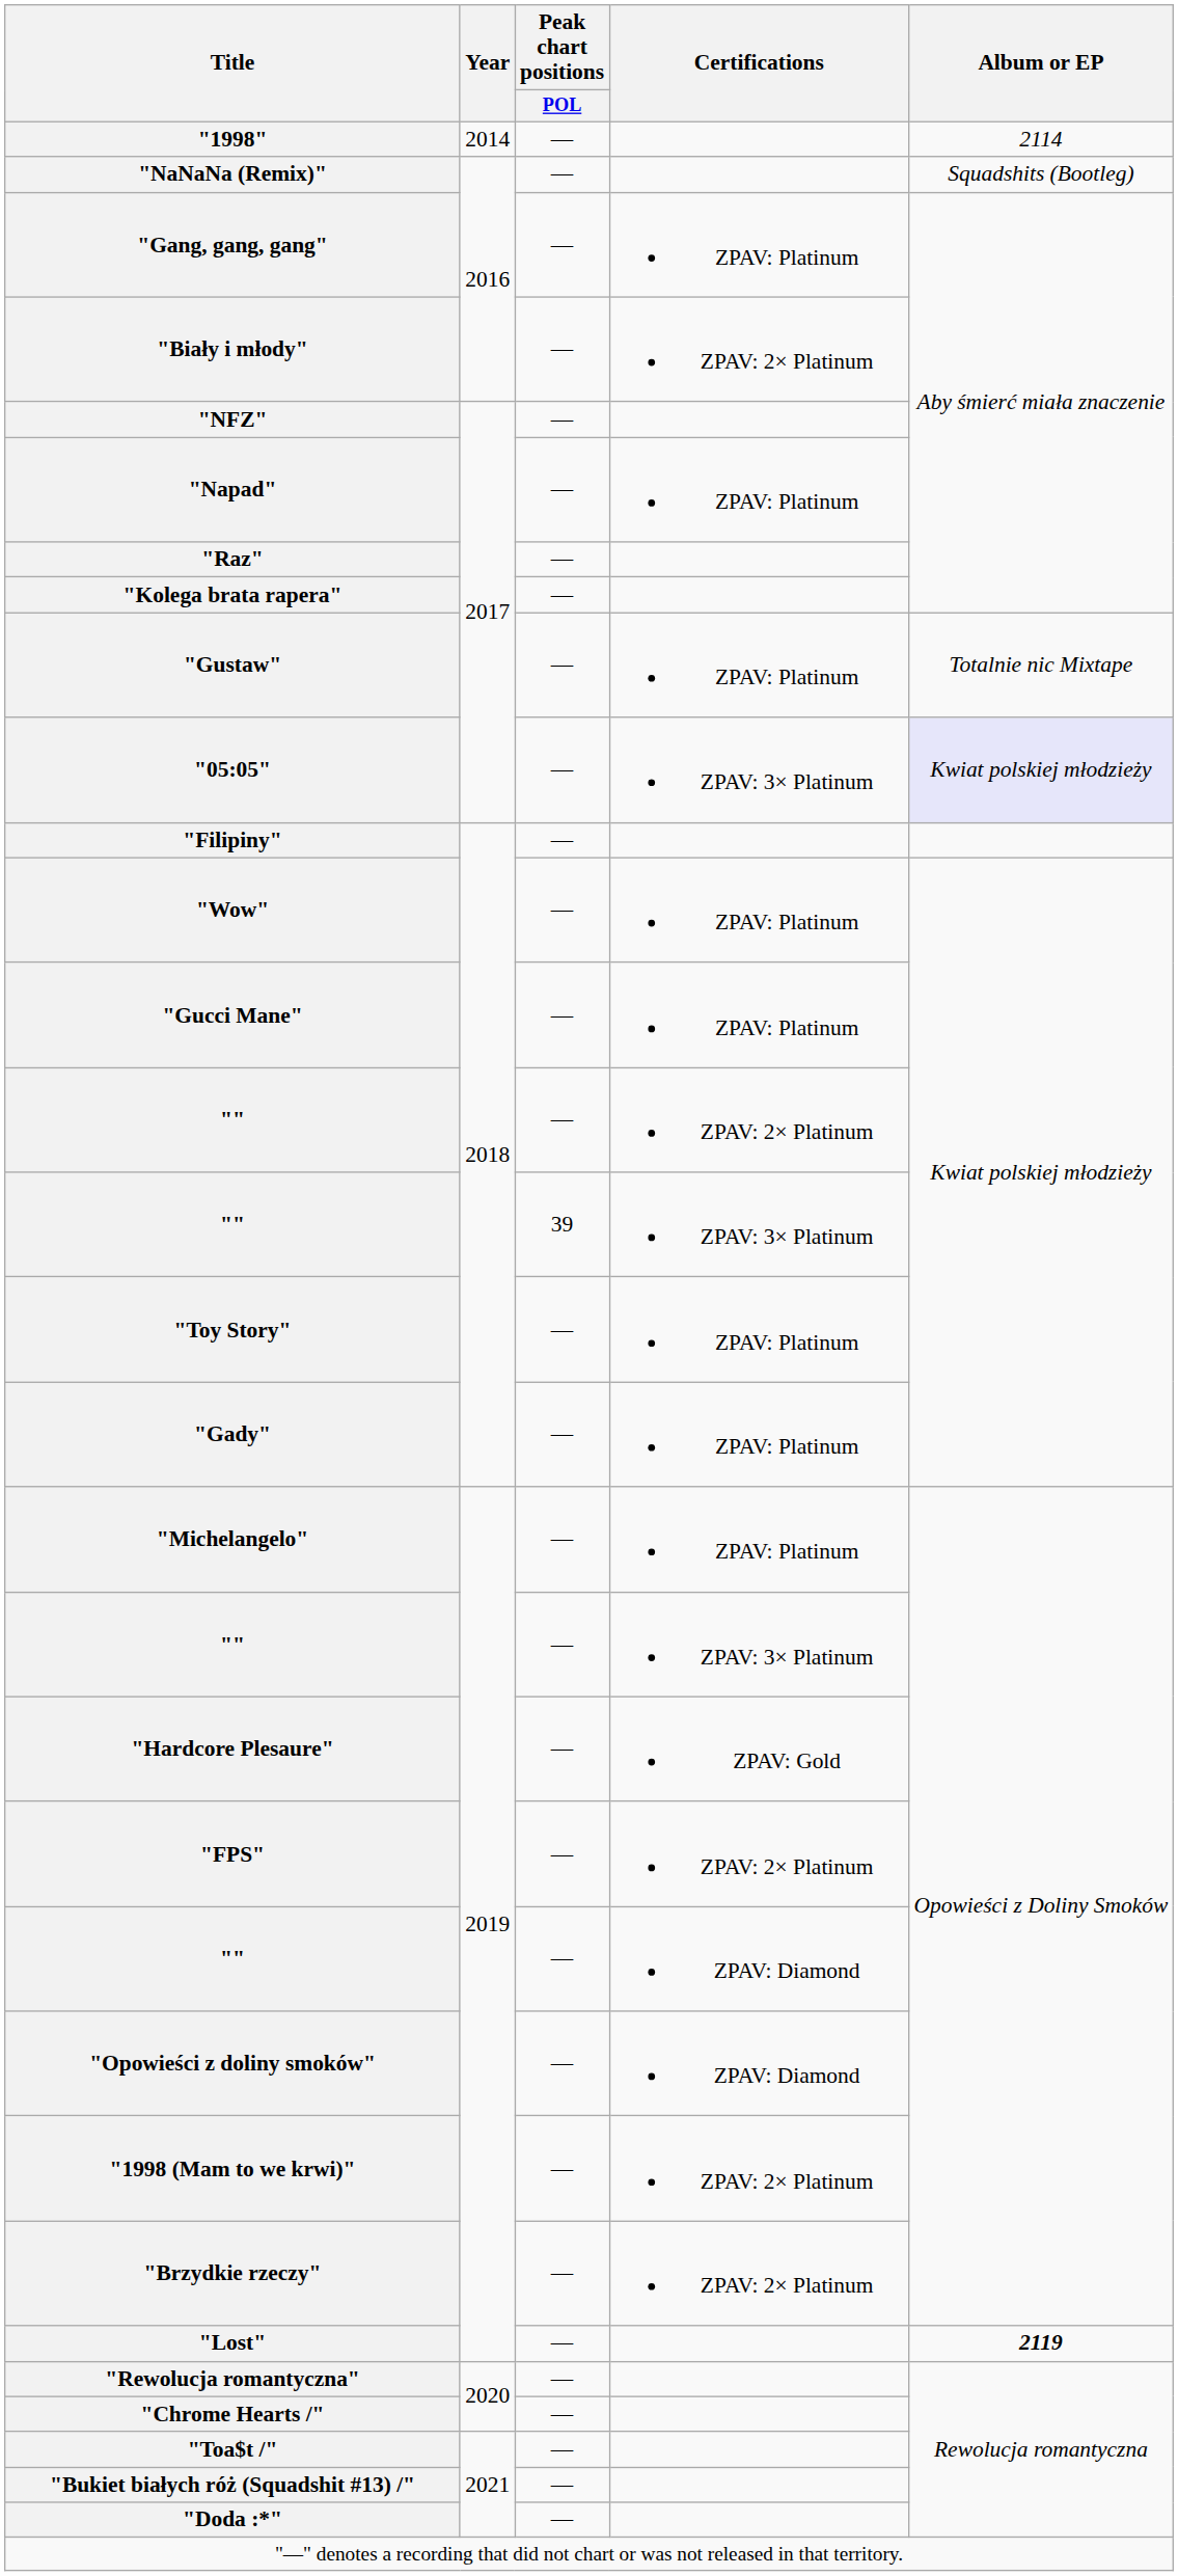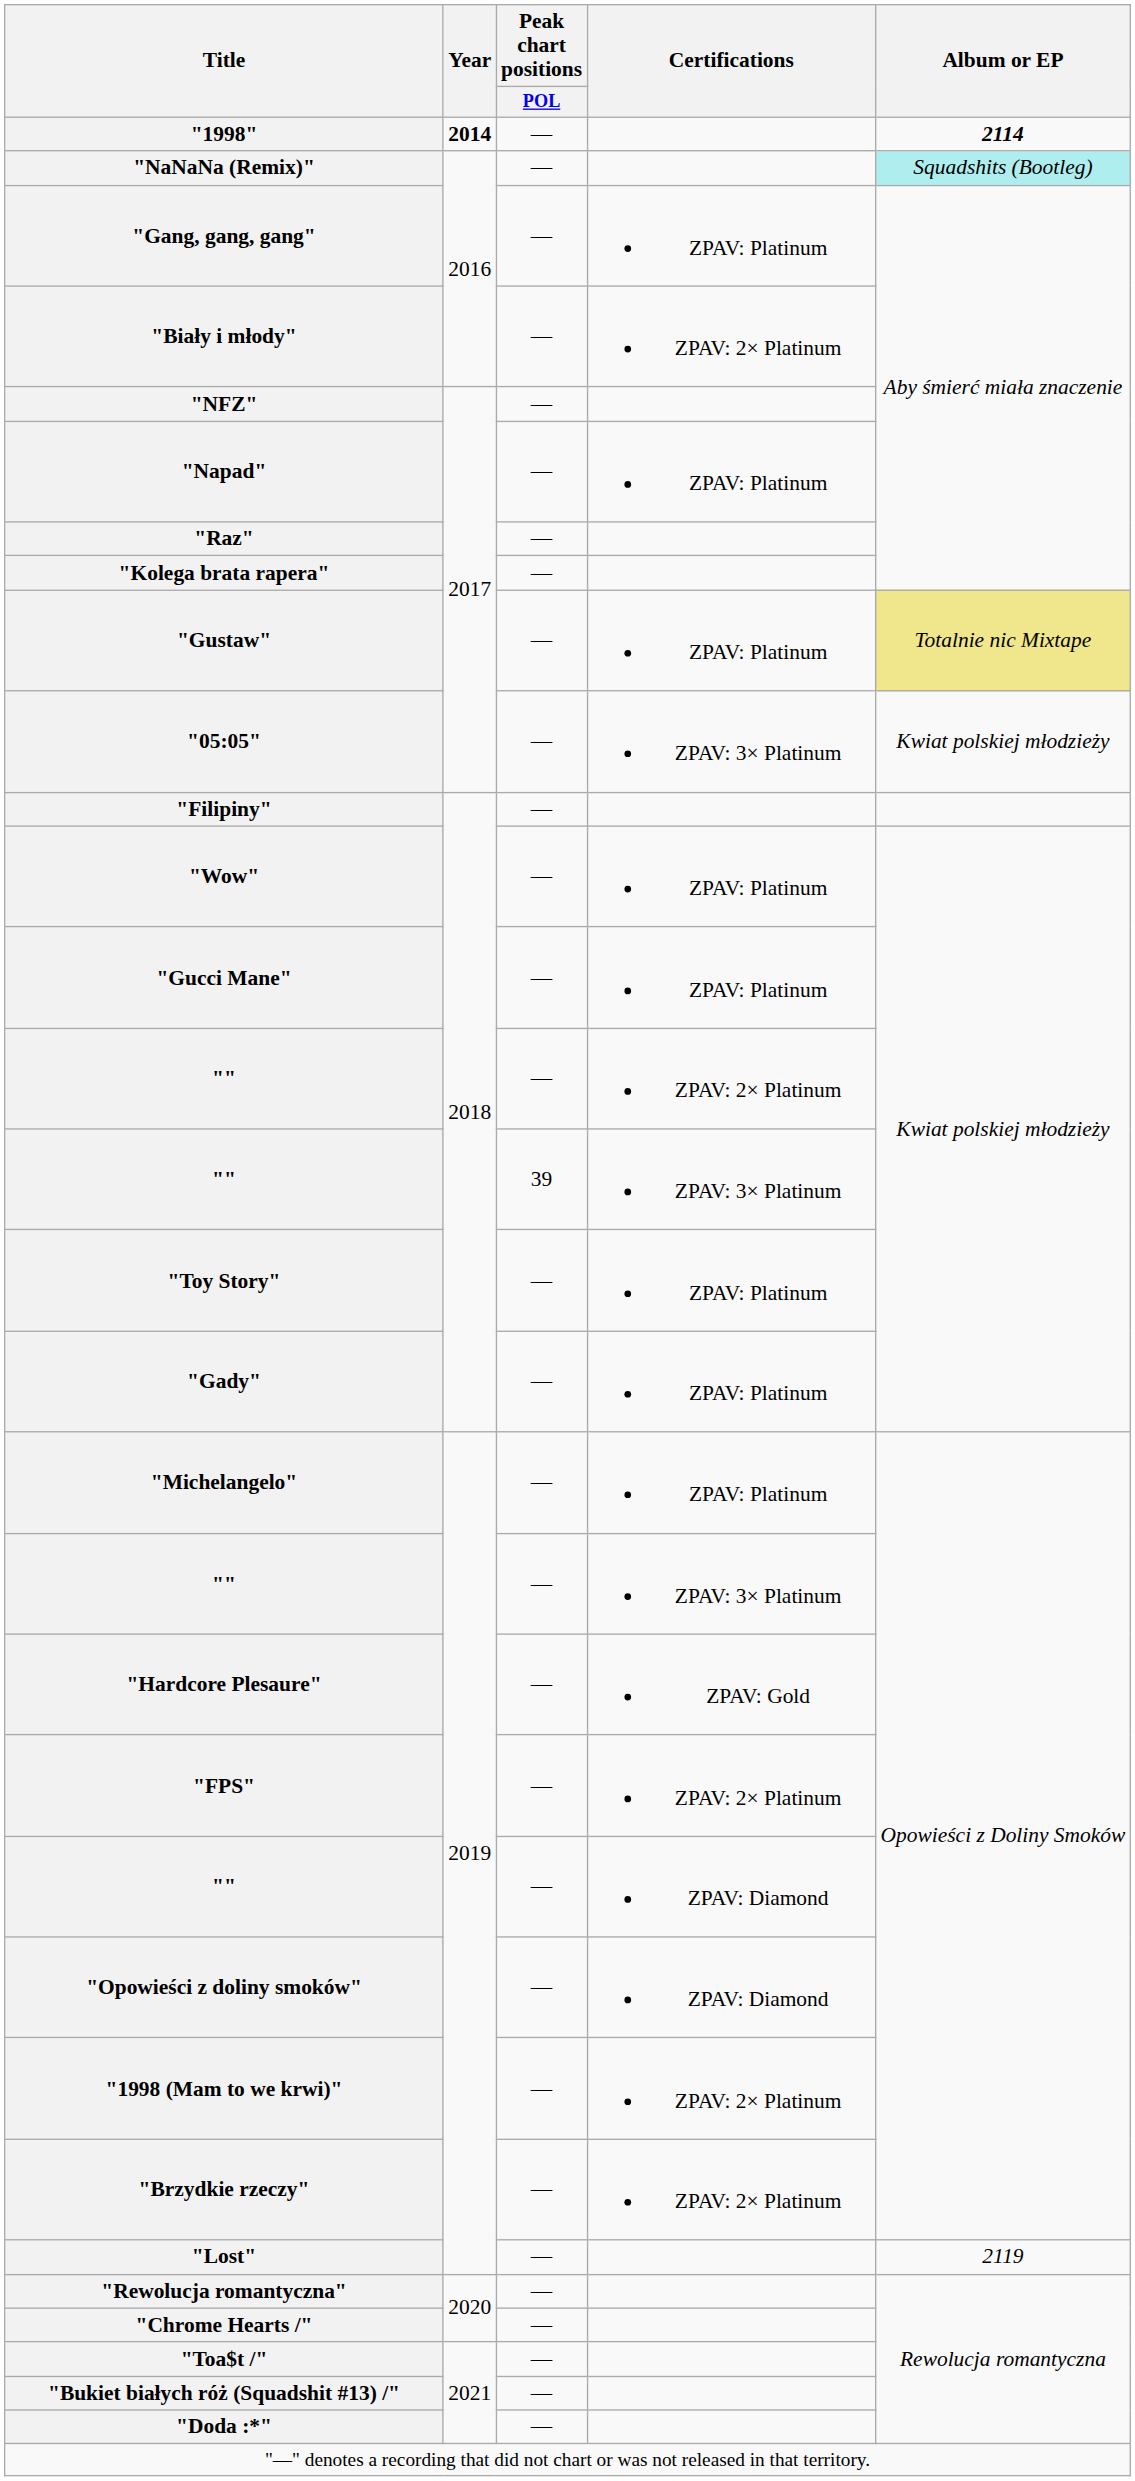 <table class="wikitable plainrowheaders" style="text-align:center;">
 <tr>
 <th scope="col" rowspan="2" style="width:20em;">Title</th>
 <th scope="col" rowspan="2" style="width:1em;">Year</th>
 <th>Peak chart positions</th>
 <th scope="col" style="width:13em;" rowspan="2">Certifications</th>
 <th scope="col" rowspan="2">Album or EP</th>
 </tr>
 <tr>
 <th scope="col" style="width:3em;font-size:85%;"><a href='#'>POL</a><br></th>
 </tr>
 <tr>
 <th scope="row">"1998"<br></th>
-<td>2014</td>
+<td><strong>2014</strong></td>
 <td>—</td>
 <td></td>
-<td><em>2114</em></td>
+<td><strong><em>2114</em></strong></td>
 </tr>
 <tr>
 <th scope="row">"NaNaNa (Remix)"<br></th>
 <td rowspan="3">2016</td>
 <td>—</td>
 <td></td>
-<td><em>Squadshits (Bootleg)</em></td>
+<td style="background: paleturquoise;"><em>Squadshits (Bootleg)</em></td>
 </tr>
 <tr>
 <th scope="row">"Gang, gang, gang"<br></th>
 <td>—</td>
 <td><br><ul><li>ZPAV: Platinum</li></ul></td>
 <td rowspan="6"><em>Aby śmierć miała znaczenie</em></td>
 </tr>
 <tr>
 <th scope="row">"Biały i młody"<br></th>
 <td>—</td>
 <td><br><ul><li>ZPAV: 2× Platinum</li></ul></td>
 </tr>
 <tr>
 <th scope="row">"NFZ"<br></th>
 <td rowspan="6">2017</td>
 <td>—</td>
 <td></td>
 </tr>
 <tr>
 <th scope="row">"Napad"<br></th>
 <td>—</td>
 <td><br><ul><li>ZPAV: Platinum</li></ul></td>
 </tr>
 <tr>
 <th scope="row">"Raz"<br></th>
 <td>—</td>
 <td></td>
 </tr>
 <tr>
 <th scope="row">"Kolega brata rapera"<br></th>
 <td>—</td>
 <td></td>
 </tr>
 <tr>
 <th scope="row">"Gustaw"</th>
 <td>—</td>
 <td><br><ul><li>ZPAV: Platinum</li></ul></td>
-<td><em>Totalnie nic Mixtape</em></td>
+<td style="background: khaki;"><em>Totalnie nic Mixtape</em></td>
 </tr>
 <tr>
 <th scope="row">"05:05"<br></th>
 <td>—</td>
 <td><br><ul><li>ZPAV: 3× Platinum</li></ul></td>
-<td style="background: lavender;"><em>Kwiat polskiej młodzieży</em></td>
+<td><em>Kwiat polskiej młodzieży</em></td>
 </tr>
 <tr>
 <th scope="row">"Filipiny"<br></th>
 <td rowspan="7">2018</td>
 <td>—</td>
 <td></td>
 <td></td>
 </tr>
 <tr>
 <th scope="row">"Wow"</th>
 <td>—</td>
 <td><br><ul><li>ZPAV: Platinum</li></ul></td>
 <td rowspan="6"><em>Kwiat polskiej młodzieży</em></td>
 </tr>
 <tr>
 <th scope="row">"Gucci Mane"<br></th>
 <td>—</td>
 <td><br><ul><li>ZPAV: Platinum</li></ul></td>
 </tr>
 <tr>
 <th scope="row">""<br></th>
 <td>—</td>
 <td><br><ul><li>ZPAV: 2× Platinum</li></ul></td>
 </tr>
 <tr>
 <th scope="row">""<br></th>
 <td>39</td>
 <td><br><ul><li>ZPAV: 3× Platinum</li></ul></td>
 </tr>
 <tr>
 <th scope="row">"Toy Story"<br></th>
 <td>—</td>
 <td><br><ul><li>ZPAV: Platinum</li></ul></td>
 </tr>
 <tr>
 <th scope="row">"Gady"<br></th>
 <td>—</td>
 <td><br><ul><li>ZPAV: Platinum</li></ul></td>
 </tr>
 <tr>
 <th scope="row">"Michelangelo"<br></th>
 <td rowspan="9">2019</td>
 <td>—</td>
 <td><br><ul><li>ZPAV: Platinum</li></ul></td>
 <td rowspan="8"><em>Opowieści z Doliny Smoków</em></td>
 </tr>
 <tr>
 <th scope="row">""<br></th>
 <td>—</td>
 <td><br><ul><li>ZPAV: 3× Platinum</li></ul></td>
 </tr>
 <tr>
 <th scope="row">"Hardcore Plesaure"<br></th>
 <td>—</td>
 <td><br><ul><li>ZPAV: Gold</li></ul></td>
 </tr>
 <tr>
 <th scope="row">"FPS"<br></th>
 <td>—</td>
 <td><br><ul><li>ZPAV: 2× Platinum</li></ul></td>
 </tr>
 <tr>
 <th scope="row">""<br></th>
 <td>—</td>
 <td><br><ul><li>ZPAV: Diamond</li></ul></td>
 </tr>
 <tr>
 <th scope="row">"Opowieści z doliny smoków"<br></th>
 <td>—</td>
 <td><br><ul><li>ZPAV: Diamond</li></ul></td>
 </tr>
 <tr>
 <th scope="row">"1998 (Mam to we krwi)"<br></th>
 <td>—</td>
 <td><br><ul><li>ZPAV: 2× Platinum</li></ul></td>
 </tr>
 <tr>
 <th scope="row">"Brzydkie rzeczy"<br></th>
 <td>—</td>
 <td><br><ul><li>ZPAV: 2× Platinum</li></ul></td>
 </tr>
 <tr>
 <th scope="row">"Lost"<br></th>
 <td>—</td>
 <td></td>
-<td><strong><em>2119</em></strong></td>
+<td><em>2119</em></td>
 </tr>
 <tr>
 <th scope="row">"Rewolucja romantyczna"<br></th>
 <td rowspan="2">2020</td>
 <td>—</td>
 <td></td>
 <td rowspan="5"><em>Rewolucja romantyczna</em></td>
 </tr>
 <tr>
 <th scope="row">"Chrome Hearts /"<br></th>
 <td>—</td>
 <td></td>
 </tr>
 <tr>
 <th scope="row">"Toa$t /"<br></th>
 <td rowspan="3">2021</td>
 <td>—</td>
 <td></td>
 </tr>
 <tr>
 <th scope="row">"Bukiet białych róż (Squadshit #13) /"<br></th>
 <td>—</td>
 <td></td>
 </tr>
 <tr>
 <th scope="row">"Doda :*"<br></th>
 <td>—</td>
 <td></td>
 </tr>
 <tr>
 <td colspan="5" style="font-size:90%">"—" denotes a recording that did not chart or was not released in that territory.</td>
 </tr>
 </table>
